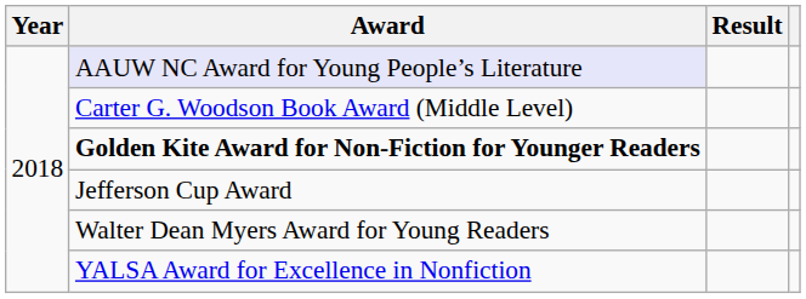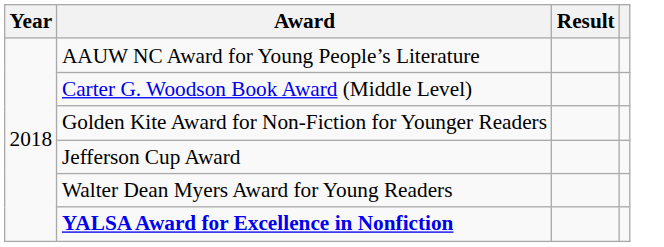 <table class="wikitable sortable mw-collapsible">
 <tr>
 <th>Year</th>
 <th>Award</th>
 <th>Result</th>
 <th></th>
 </tr>
 <tr>
 <td rowspan="6">2018</td>
-<td style="background: lavender;">AAUW NC Award for Young People’s Literature</td>
+<td>AAUW NC Award for Young People’s Literature</td>
 <td></td>
 <td></td>
 </tr>
 <tr>
 <td><a href='#'>Carter G. Woodson Book Award</a> (Middle Level)</td>
 <td></td>
 <td></td>
 </tr>
 <tr>
-<td><strong>Golden Kite Award for Non-Fiction for Younger Readers</strong></td>
+<td>Golden Kite Award for Non-Fiction for Younger Readers</td>
 <td></td>
 <td></td>
 </tr>
 <tr>
 <td>Jefferson Cup Award</td>
 <td></td>
 <td></td>
 </tr>
 <tr>
 <td>Walter Dean Myers Award for Young Readers</td>
 <td></td>
 <td></td>
 </tr>
 <tr>
-<td><a href='#'>YALSA Award for Excellence in Nonfiction</a></td>
+<td><strong><a href='#'>YALSA Award for Excellence in Nonfiction</a></strong></td>
 <td></td>
 <td></td>
 </tr>
 </table>
